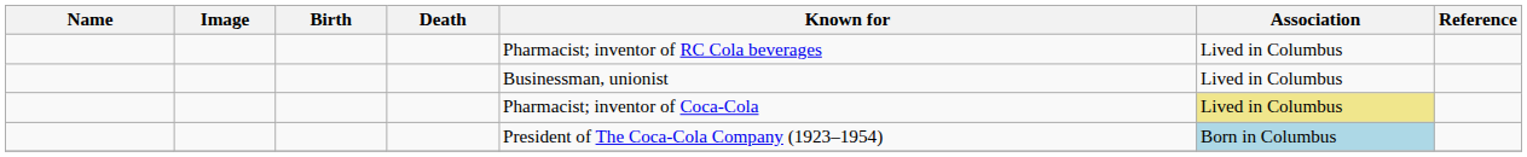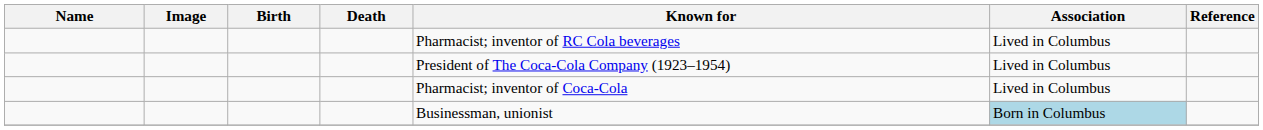 <table class="wikitable sortable">
 <tr>
 <th scope="col" width="140">Name</th>
 <th scope="col" width="80" class="unsortable">Image</th>
 <th scope="col" width="90">Birth</th>
 <th scope="col" width="90">Death</th>
 <th scope="col" width="600" class="unsortable">Known for</th>
 <th scope="col" width="200" class="unsortable">Association</th>
 <th scope="col" width="30" class="unsortable">Reference</th>
 </tr>
 <tr>
 <td></td>
 <td></td>
 <td align=right></td>
 <td align=right></td>
 <td>Pharmacist; inventor of <a href='#'> RC Cola beverages</a></td>
 <td>Lived in Columbus</td>
 <td align="center"></td>
 </tr>
 <tr>
 <td></td>
 <td></td>
 <td align=right></td>
 <td align=right></td>
-<td>Businessman, unionist</td>
+<td>President of <a href='#'>The Coca-Cola Company</a> (1923–1954)</td>
 <td>Lived in Columbus</td>
 <td align="center"></td>
 </tr>
 <tr>
 <td></td>
 <td></td>
 <td align=right></td>
 <td align=right></td>
 <td>Pharmacist; inventor of <a href='#'>Coca-Cola</a></td>
-<td style="background: khaki;">Lived in Columbus</td>
+<td>Lived in Columbus</td>
 <td align="center"></td>
 </tr>
 <tr>
 <td></td>
 <td></td>
 <td align=right></td>
 <td align=right></td>
-<td>President of <a href='#'>The Coca-Cola Company</a> (1923–1954)</td>
+<td>Businessman, unionist</td>
 <td style="background: lightblue;">Born in Columbus</td>
 <td></td>
 </tr>
 <tr>
 </tr>
 </table>
